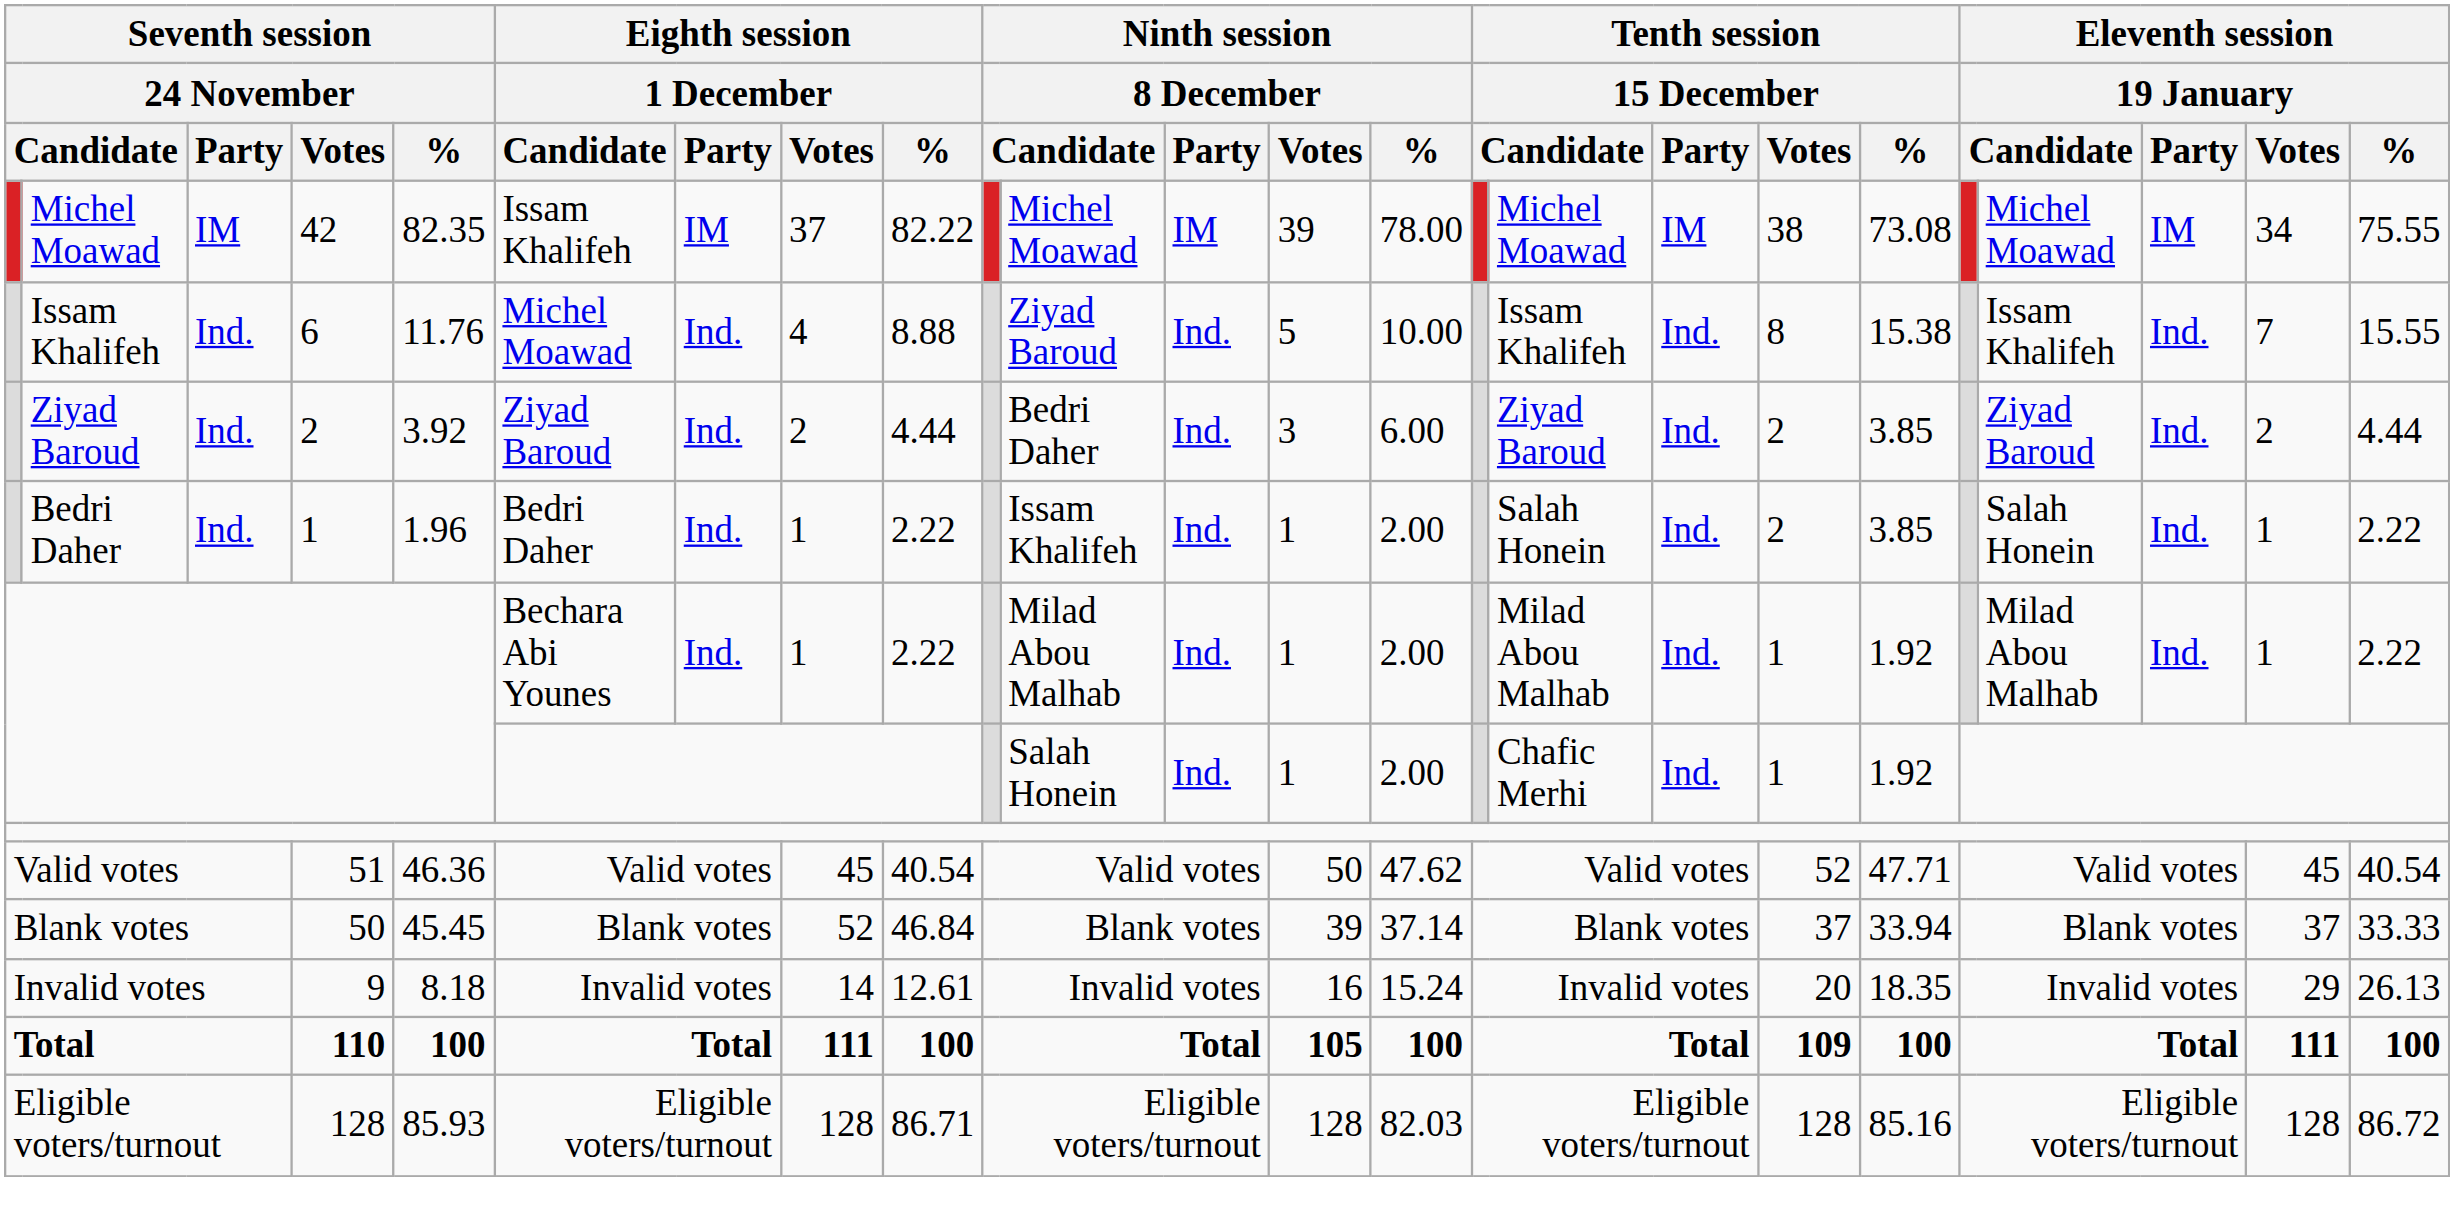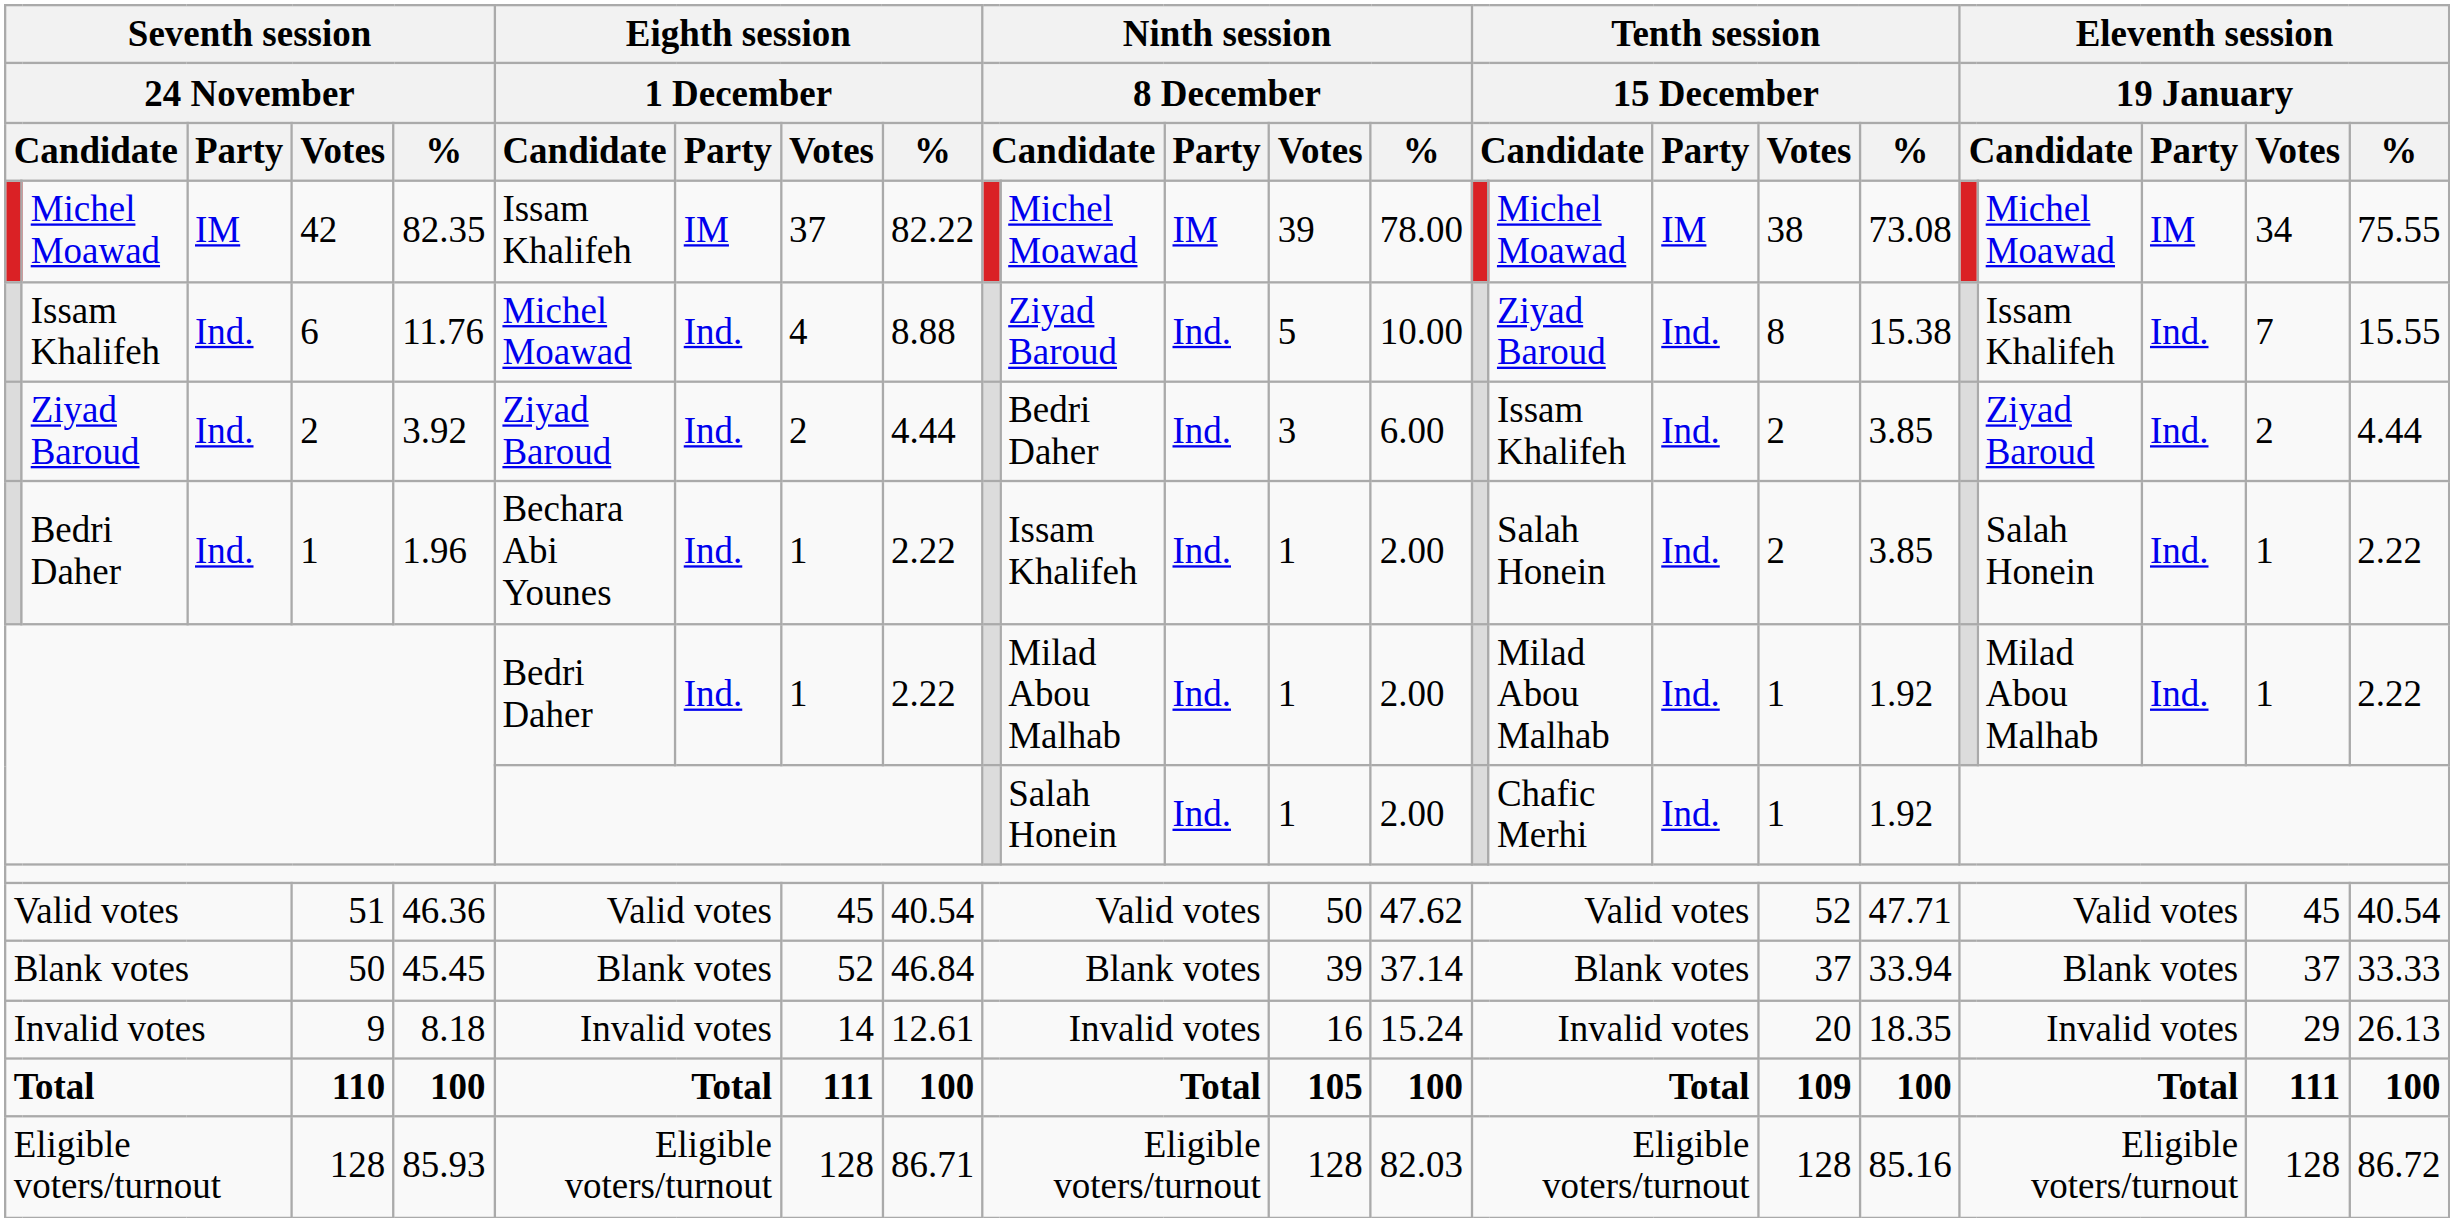 <table class="wikitable" style="text-align:right">
 <tr>
 <th colspan="5">Seventh session</th>
 <th colspan="4">Eighth session</th>
 <th colspan="5">Ninth session</th>
 <th colspan="5">Tenth session</th>
 <th colspan="5">Eleventh session</th>
 </tr>
 <tr>
 <th colspan="5">24 November</th>
 <th colspan="4">1 December</th>
 <th colspan="5">8 December</th>
 <th colspan="5">15 December</th>
 <th colspan="5">19 January</th>
 </tr>
 <tr>
 <th colspan="2">Candidate</th>
 <th>Party</th>
 <th>Votes</th>
 <th>%</th>
 <th>Candidate</th>
 <th>Party</th>
 <th>Votes</th>
 <th>%</th>
 <th colspan="2">Candidate</th>
 <th>Party</th>
 <th>Votes</th>
 <th>%</th>
 <th colspan="2">Candidate</th>
 <th>Party</th>
 <th>Votes</th>
 <th>%</th>
 <th colspan="2">Candidate</th>
 <th>Party</th>
 <th>Votes</th>
 <th>%</th>
 </tr>
 <tr>
 <td bgcolor="#DA2125"></td>
 <td align="left"><a href='#'>Michel Moawad</a></td>
 <td align="left"><a href='#'>IM</a></td>
 <td align="left">42</td>
 <td align="left">82.35</td>
 <td align="left">Issam Khalifeh</td>
 <td align="left"><a href='#'>IM</a></td>
 <td align="left">37</td>
 <td align="left">82.22</td>
 <td bgcolor="#DA2125"></td>
 <td align="left"><a href='#'>Michel Moawad</a></td>
 <td align="left"><a href='#'>IM</a></td>
 <td align="left">39</td>
 <td align="left">78.00</td>
 <td bgcolor="#DA2125"></td>
 <td align="left"><a href='#'>Michel Moawad</a></td>
 <td align="left"><a href='#'>IM</a></td>
 <td align="left">38</td>
 <td align="left">73.08</td>
 <td bgcolor="#DA2125"></td>
 <td align="left"><a href='#'>Michel Moawad</a></td>
 <td align="left"><a href='#'>IM</a></td>
 <td align="left">34</td>
 <td align="left">75.55</td>
 </tr>
 <tr>
 <td bgcolor="#DCDCDC"></td>
 <td align="left">Issam Khalifeh</td>
 <td align="left"><a href='#'>Ind.</a></td>
 <td align="left">6</td>
 <td align="left">11.76</td>
 <td align="left"><a href='#'>Michel Moawad</a></td>
 <td align="left"><a href='#'>Ind.</a></td>
 <td align="left">4</td>
 <td align="left">8.88</td>
 <td bgcolor="#DCDCDC"></td>
 <td align="left"><a href='#'>Ziyad Baroud</a></td>
 <td align="left"><a href='#'>Ind.</a></td>
 <td align="left">5</td>
 <td align="left">10.00</td>
 <td bgcolor="#DCDCDC"></td>
-<td align="left">Issam Khalifeh</td>
+<td align="left"><a href='#'>Ziyad Baroud</a></td>
 <td align="left"><a href='#'>Ind.</a></td>
 <td align="left">8</td>
 <td align="left">15.38</td>
 <td bgcolor="#DCDCDC"></td>
 <td align="left">Issam Khalifeh</td>
 <td align="left"><a href='#'>Ind.</a></td>
 <td align="left">7</td>
 <td align="left">15.55</td>
 </tr>
 <tr>
 <td bgcolor="#DCDCDC"></td>
 <td align="left"><a href='#'>Ziyad Baroud</a></td>
 <td align="left"><a href='#'>Ind.</a></td>
 <td align="left">2</td>
 <td align="left">3.92</td>
 <td align="left"><a href='#'>Ziyad Baroud</a></td>
 <td align="left"><a href='#'>Ind.</a></td>
 <td align="left">2</td>
 <td align="left">4.44</td>
 <td bgcolor="#DCDCDC"></td>
 <td align="left">Bedri Daher</td>
 <td align="left"><a href='#'>Ind.</a></td>
 <td align="left">3</td>
 <td align="left">6.00</td>
 <td bgcolor="#DCDCDC"></td>
-<td align="left"><a href='#'>Ziyad Baroud</a></td>
+<td align="left">Issam Khalifeh</td>
 <td align="left"><a href='#'>Ind.</a></td>
 <td align="left">2</td>
 <td align="left">3.85</td>
 <td bgcolor="#DCDCDC"></td>
 <td align="left"><a href='#'>Ziyad Baroud</a></td>
 <td align="left"><a href='#'>Ind.</a></td>
 <td align="left">2</td>
 <td align="left">4.44</td>
 </tr>
 <tr>
 <td bgcolor="#DCDCDC"></td>
 <td align="left">Bedri Daher</td>
 <td align="left"><a href='#'>Ind.</a></td>
 <td align="left">1</td>
 <td align="left">1.96</td>
-<td align="left">Bedri Daher</td>
+<td align="left">Bechara Abi Younes</td>
 <td align="left"><a href='#'>Ind.</a></td>
 <td align="left">1</td>
 <td align="left">2.22</td>
 <td bgcolor="#DCDCDC"></td>
 <td align="left">Issam Khalifeh</td>
 <td align="left"><a href='#'>Ind.</a></td>
 <td align="left">1</td>
 <td align="left">2.00</td>
 <td bgcolor="#DCDCDC"></td>
 <td align="left">Salah Honein</td>
 <td align="left"><a href='#'>Ind.</a></td>
 <td align="left">2</td>
 <td align="left">3.85</td>
 <td bgcolor="#DCDCDC"></td>
 <td align="left">Salah Honein</td>
 <td align="left"><a href='#'>Ind.</a></td>
 <td align="left">1</td>
 <td align="left">2.22</td>
 </tr>
 <tr>
 <td colspan="5" rowspan="2"></td>
-<td align="left">Bechara Abi Younes</td>
+<td align="left">Bedri Daher</td>
 <td align="left"><a href='#'>Ind.</a></td>
 <td align="left">1</td>
 <td align="left">2.22</td>
 <td bgcolor="#DCDCDC"></td>
 <td align="left">Milad Abou Malhab</td>
 <td align="left"><a href='#'>Ind.</a></td>
 <td align="left">1</td>
 <td align="left">2.00</td>
 <td bgcolor="#DCDCDC"></td>
 <td align="left">Milad Abou Malhab</td>
 <td align="left"><a href='#'>Ind.</a></td>
 <td align="left">1</td>
 <td align="left">1.92</td>
 <td bgcolor="#DCDCDC"></td>
 <td align="left">Milad Abou Malhab</td>
 <td align="left"><a href='#'>Ind.</a></td>
 <td align="left">1</td>
 <td align="left">2.22</td>
 </tr>
 <tr>
 <td colspan="4"></td>
 <td bgcolor="#DCDCDC"></td>
 <td align="left">Salah Honein</td>
 <td align="left"><a href='#'>Ind.</a></td>
 <td align="left">1</td>
 <td align="left">2.00</td>
 <td bgcolor="#DCDCDC"></td>
 <td align="left">Chafic Merhi</td>
 <td align="left"><a href='#'>Ind.</a></td>
 <td align="left">1</td>
 <td align="left">1.92</td>
 <td colspan="5"></td>
 </tr>
 <tr>
 <td colspan="24"></td>
 </tr>
 <tr>
 <td colspan="3" style="text-align:left;">Valid votes</td>
 <td>51</td>
 <td>46.36</td>
 <td colspan="2">Valid votes</td>
 <td>45</td>
 <td>40.54</td>
 <td colspan="3">Valid votes</td>
 <td>50</td>
 <td>47.62</td>
 <td colspan="3">Valid votes</td>
 <td>52</td>
 <td>47.71</td>
 <td colspan="3">Valid votes</td>
 <td>45</td>
 <td>40.54</td>
 </tr>
 <tr>
 <td colspan="3" style="text-align:left;">Blank votes</td>
 <td>50</td>
 <td>45.45</td>
 <td colspan="2">Blank votes</td>
 <td>52</td>
 <td>46.84</td>
 <td colspan="3">Blank votes</td>
 <td>39</td>
 <td>37.14</td>
 <td colspan="3">Blank votes</td>
 <td>37</td>
 <td>33.94</td>
 <td colspan="3">Blank votes</td>
 <td>37</td>
 <td>33.33</td>
 </tr>
 <tr>
 <td colspan="3" style="text-align:left;">Invalid votes</td>
 <td>9</td>
 <td>8.18</td>
 <td colspan="2">Invalid votes</td>
 <td>14</td>
 <td>12.61</td>
 <td colspan="3">Invalid votes</td>
 <td>16</td>
 <td>15.24</td>
 <td colspan="3">Invalid votes</td>
 <td>20</td>
 <td>18.35</td>
 <td colspan="3">Invalid votes</td>
 <td>29</td>
 <td>26.13</td>
 </tr>
 <tr>
 <td colspan="3" style="text-align:left;"><strong>Total</strong></td>
 <td><strong>110</strong></td>
 <td><strong>100</strong></td>
 <td colspan="2"><strong>Total</strong></td>
 <td><strong>111</strong></td>
 <td><strong>100</strong></td>
 <td colspan="3"><strong>Total</strong></td>
 <td><strong>105</strong></td>
 <td><strong>100</strong></td>
 <td colspan="3"><strong>Total</strong></td>
 <td><strong>109</strong></td>
 <td><strong>100</strong></td>
 <td colspan="3"><strong>Total</strong></td>
 <td><strong>111</strong></td>
 <td><strong>100</strong></td>
 </tr>
 <tr>
 <td colspan="3" style="text-align:left;">Eligible voters/turnout</td>
 <td>128</td>
 <td>85.93</td>
 <td colspan="2">Eligible voters/turnout</td>
 <td>128</td>
 <td>86.71</td>
 <td colspan="3">Eligible voters/turnout</td>
 <td>128</td>
 <td>82.03</td>
 <td colspan="3">Eligible voters/turnout</td>
 <td>128</td>
 <td>85.16</td>
 <td colspan="3">Eligible voters/turnout</td>
 <td>128</td>
 <td>86.72</td>
 </tr>
 </table>
